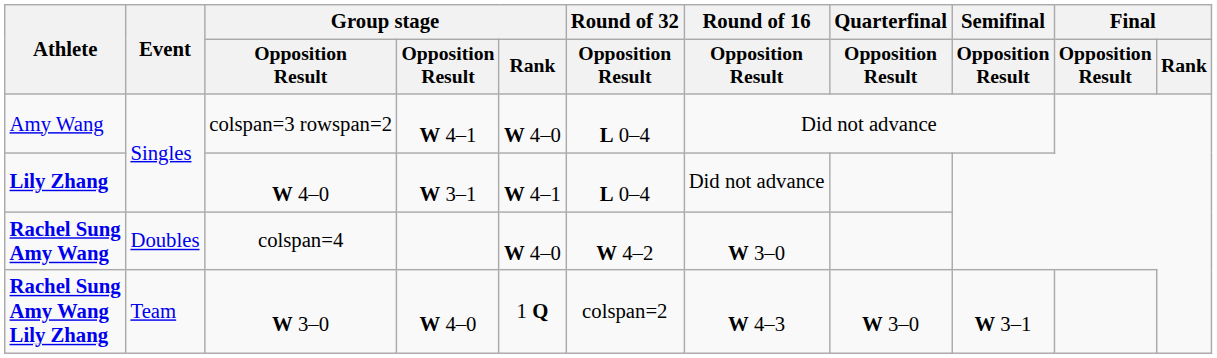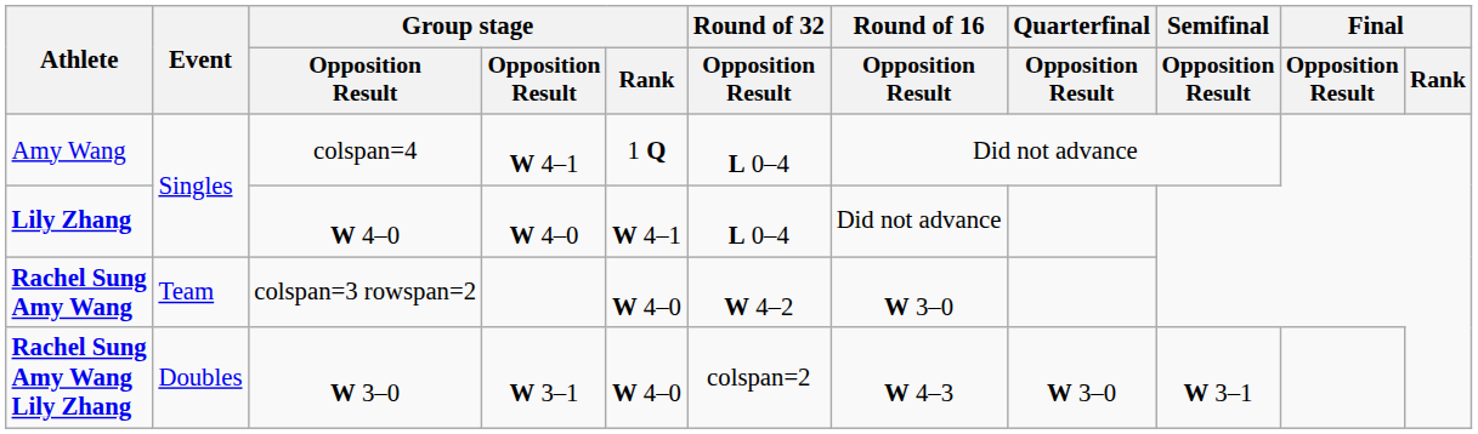 <table class=wikitable style=font-size:90%;text-align:center>
 <tr>
 <th rowspan=2>Athlete</th>
 <th rowspan=2>Event</th>
 <th colspan=3>Group stage</th>
 <th>Round of 32</th>
 <th>Round of 16</th>
 <th>Quarterfinal</th>
 <th>Semifinal</th>
 <th colspan=2>Final</th>
 </tr>
 <tr style=font-size:95%>
 <th>Opposition<br>Result</th>
 <th>Opposition<br>Result</th>
 <th>Rank</th>
 <th>Opposition<br>Result</th>
 <th>Opposition<br>Result</th>
 <th>Opposition<br>Result</th>
 <th>Opposition<br>Result</th>
 <th>Opposition<br>Result</th>
 <th>Rank</th>
 </tr>
 <tr>
 <td align=left><a href='#'>Amy Wang</a></td>
 <td align=left rowspan=2><a href='#'>Singles</a></td>
-<td>colspan=3 rowspan=2 </td>
+<td>colspan=4 </td>
 <td><br><strong>W</strong> 4–1</td>
-<td><br><strong>W</strong> 4–0</td>
+<td>1 <strong>Q</strong></td>
 <td><br><strong>L</strong> 0–4</td>
 <td colspan=3>Did not advance</td>
 </tr>
 <tr>
 <td align=left><strong><a href='#'>Lily Zhang</a></strong></td>
 <td><br><strong>W</strong> 4–0</td>
-<td><br><strong>W</strong> 3–1</td>
+<td><br><strong>W</strong> 4–0</td>
 <td><br><strong>W</strong> 4–1</td>
 <td><br><strong>L</strong> 0–4</td>
 <td>Did not advance</td>
 <td></td>
 </tr>
 <tr>
 <td align=left><strong><a href='#'>Rachel Sung</a><br><a href='#'>Amy Wang</a></strong></td>
-<td align=left><a href='#'>Doubles</a></td>
-<td>colspan=4 </td>
+<td align=left><a href='#'>Team</a></td>
+<td>colspan=3 rowspan=2 </td>
 <td></td>
 <td><br><strong>W</strong> 4–0</td>
 <td><br><strong>W</strong> 4–2</td>
 <td><br><strong>W</strong> 3–0</td>
 <td></td>
 </tr>
 <tr>
 <td align=left><strong><a href='#'>Rachel Sung</a><br><a href='#'>Amy Wang</a><br><a href='#'>Lily Zhang</a></strong></td>
-<td align=left><a href='#'>Team</a></td>
+<td align=left><a href='#'>Doubles</a></td>
 <td><br><strong>W</strong> 3–0</td>
+<td><br><strong>W</strong> 3–1</td>
 <td><br><strong>W</strong> 4–0</td>
-<td>1 <strong>Q</strong></td>
 <td>colspan=2 </td>
 <td><br><strong>W</strong> 4–3</td>
 <td><br><strong>W</strong> 3–0</td>
 <td><br><strong>W</strong> 3–1</td>
 <td></td>
 </tr>
 </table>
